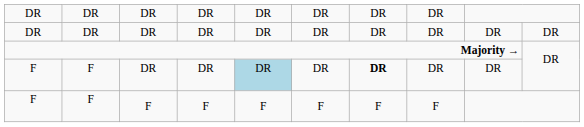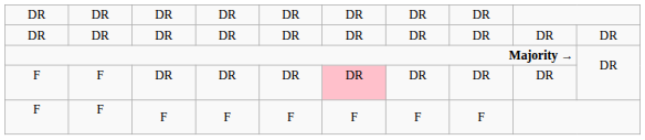 <table class="wikitable" style="text-align:center" width=800px>
 <tr>
 <td>DR</td>
 <td>DR</td>
 <td>DR</td>
 <td>DR</td>
 <td>DR</td>
 <td>DR</td>
 <td>DR</td>
 <td>DR</td>
 </tr>
 <tr>
 <td width=50px >DR</td>
 <td width=50px >DR</td>
 <td width=50px >DR</td>
 <td width=50px >DR</td>
 <td width=50px >DR</td>
 <td width=50px >DR</td>
 <td width=50px >DR</td>
 <td width=50px >DR</td>
 <td width=50px >DR</td>
 <td width=50px >DR</td>
 </tr>
 <tr>
 <td colspan=9 style="text-align:right"><strong>Majority →</strong></td>
 <td rowspan=2 >DR<br><br></td>
 </tr>
 <tr>
 <td>F<br><br></td>
 <td>F<br><br></td>
 <td>DR<br><br></td>
 <td>DR<br><br></td>
-<td style="background: lightblue;">DR<br><br></td>
 <td>DR<br><br></td>
-<td><strong>DR<br><br></strong></td>
+<td style="background: pink;">DR<br><br></td>
+<td>DR<br><br></td>
 <td>DR<br><br></td>
 <td>DR<br><br></td>
 </tr>
 <tr>
 <td>F<br><br></td>
 <td>F<br><br></td>
 <td>F</td>
 <td>F</td>
 <td>F</td>
 <td>F</td>
 <td>F</td>
 <td>F</td>
 </tr>
 </table>
